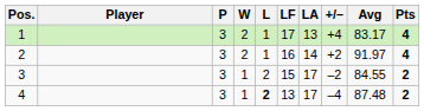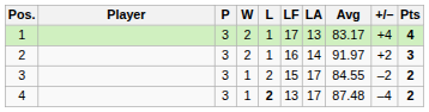 <table class="wikitable" style="text-align:center; margin: 1em auto 1em auto, align:left">
 <tr>
 <th width=20>Pos.</th>
 <th width=212>Player</th>
 <th width=20>P</th>
 <th width=20>W</th>
 <th width=20>L</th>
 <th width=20>LF</th>
 <th width=20>LA</th>
+<th width=50>Avg</th>
 <th width=25>+/–</th>
-<th width=50>Avg</th>
 <th width=20>Pts</th>
 </tr>
 <tr style="background:#D0F0C0;">
 <td>1</td>
 <td align=left></td>
 <td>3</td>
 <td>2</td>
 <td>1</td>
 <td>17</td>
 <td>13</td>
+<td>83.17</td>
 <td>+4</td>
-<td>83.17</td>
 <td><strong>4</strong></td>
 </tr>
 <tr style=>
 <td>2</td>
 <td align=left></td>
 <td>3</td>
 <td>2</td>
 <td>1</td>
 <td>16</td>
 <td>14</td>
+<td>91.97</td>
 <td>+2</td>
-<td>91.97</td>
-<td><strong>4</strong></td>
+<td><strong>3</strong></td>
 </tr>
 <tr style=>
 <td>3</td>
 <td align=left></td>
 <td>3</td>
 <td>1</td>
 <td>2</td>
 <td>15</td>
 <td>17</td>
+<td>84.55</td>
 <td>–2</td>
-<td>84.55</td>
 <td><strong>2</strong></td>
 </tr>
 <tr style=>
 <td>4</td>
 <td align=left></td>
 <td>3</td>
 <td>1</td>
 <td><strong>2</strong></td>
 <td>13</td>
 <td>17</td>
+<td>87.48</td>
 <td>–4</td>
-<td>87.48</td>
 <td><strong>2</strong></td>
 </tr>
 </table>
